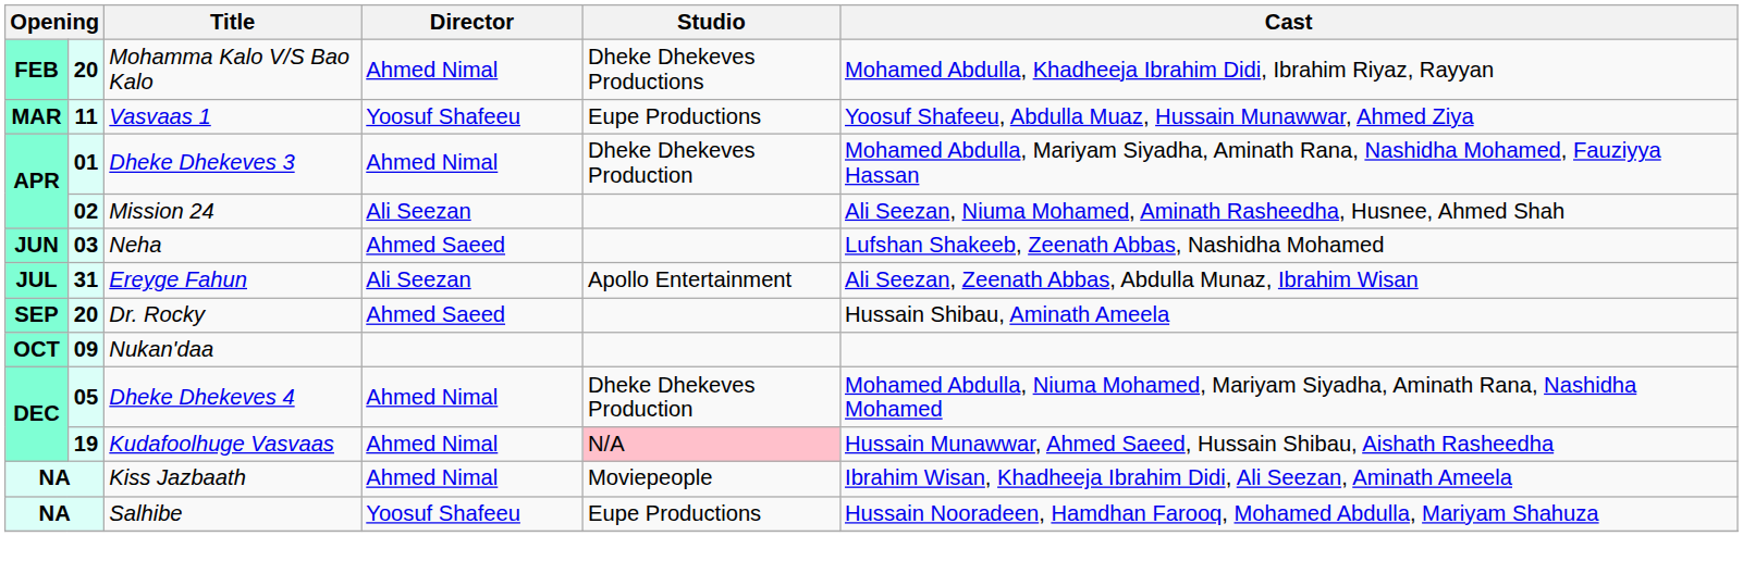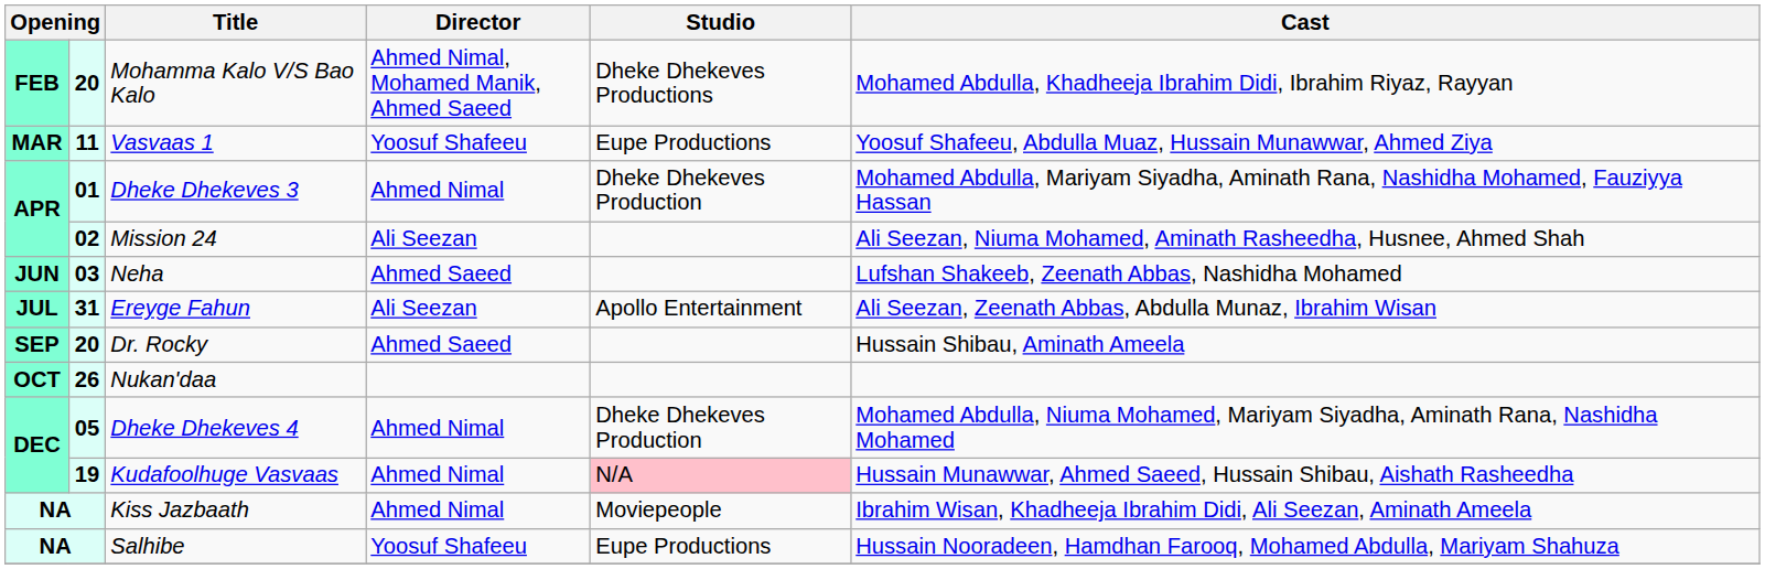 <table class="wikitable plainrowheaders" width="100%">
 <tr>
 <th scope="col" colspan="2" width=4%>Opening</th>
 <th scope="col" width=15%>Title</th>
 <th scope="col" width=13%>Director</th>
 <th scope="col" width=15%>Studio</th>
 <th scope="col" width=55%>Cast</th>
 </tr>
 <tr>
 <td style="text-align:center; background:#7FFFD4; textcolor:#000;"><strong>FEB</strong></td>
 <td style="text-align:center; background:#dbfff8;"><strong>20</strong></td>
 <td><em>Mohamma Kalo V/S Bao Kalo</em></td>
-<td><a href='#'>Ahmed Nimal</a></td>
+<td><a href='#'>Ahmed Nimal</a>, <a href='#'>Mohamed Manik</a>, <a href='#'>Ahmed Saeed</a></td>
 <td>Dheke Dhekeves Productions</td>
 <td><a href='#'>Mohamed Abdulla</a>, <a href='#'>Khadheeja Ibrahim Didi</a>, Ibrahim Riyaz, Rayyan</td>
 </tr>
 <tr>
 <td style="text-align:center; background:#7FFFD4; textcolor:#000;"><strong>MAR</strong></td>
 <td style="text-align:center; background:#dbfff8;"><strong>11</strong></td>
 <td><a href='#'><em>Vasvaas 1</em></a></td>
 <td><a href='#'>Yoosuf Shafeeu</a></td>
 <td>Eupe Productions</td>
 <td><a href='#'>Yoosuf Shafeeu</a>, <a href='#'>Abdulla Muaz</a>, <a href='#'>Hussain Munawwar</a>, <a href='#'>Ahmed Ziya</a></td>
 </tr>
 <tr>
 <td rowspan="2" style="text-align:center; background:#7FFFD4; textcolor:#000;"><strong>APR</strong></td>
 <td style="text-align:center; background:#dbfff8;"><strong>01</strong></td>
 <td><em><a href='#'>Dheke Dhekeves 3</a></em></td>
 <td><a href='#'>Ahmed Nimal</a></td>
 <td>Dheke Dhekeves Production</td>
 <td><a href='#'>Mohamed Abdulla</a>, Mariyam Siyadha, Aminath Rana, <a href='#'>Nashidha Mohamed</a>, <a href='#'>Fauziyya Hassan</a></td>
 </tr>
 <tr>
 <td style="text-align:center; background:#dbfff8;"><strong>02</strong></td>
 <td><em>Mission 24</em></td>
 <td><a href='#'>Ali Seezan</a></td>
 <td></td>
 <td><a href='#'>Ali Seezan</a>, <a href='#'>Niuma Mohamed</a>, <a href='#'>Aminath Rasheedha</a>, Husnee, Ahmed Shah</td>
 </tr>
 <tr>
 <td style="text-align:center; background:#7FFFD4; textcolor:#000;"><strong>JUN</strong></td>
 <td style="text-align:center; background:#dbfff8;"><strong>03</strong></td>
 <td><em>Neha</em></td>
 <td><a href='#'>Ahmed Saeed</a></td>
 <td></td>
 <td><a href='#'>Lufshan Shakeeb</a>, <a href='#'>Zeenath Abbas</a>, Nashidha Mohamed</td>
 </tr>
 <tr>
 <td style="text-align:center; background:#7FFFD4; textcolor:#000;"><strong>JUL</strong></td>
 <td style="text-align:center; background:#dbfff8;"><strong>31</strong></td>
 <td><em><a href='#'>Ereyge Fahun</a></em></td>
 <td><a href='#'>Ali Seezan</a></td>
 <td>Apollo Entertainment</td>
 <td><a href='#'>Ali Seezan</a>, <a href='#'>Zeenath Abbas</a>, Abdulla Munaz, <a href='#'>Ibrahim Wisan</a></td>
 </tr>
 <tr>
 <td style="text-align:center; background:#7FFFD4; textcolor:#000;"><strong>SEP</strong></td>
 <td style="text-align:center; background:#dbfff8;"><strong>20</strong></td>
 <td><em>Dr. Rocky</em></td>
 <td><a href='#'>Ahmed Saeed</a></td>
 <td></td>
 <td>Hussain Shibau, <a href='#'>Aminath Ameela</a></td>
 </tr>
 <tr>
 <td style="text-align:center; background:#7FFFD4; textcolor:#000;"><strong>OCT</strong></td>
-<td style="text-align:center; background:#dbfff8;"><strong>09</strong></td>
+<td style="text-align:center; background:#dbfff8;"><strong>26</strong></td>
 <td><em>Nukan'daa</em></td>
 <td></td>
 <td></td>
 <td></td>
 </tr>
 <tr>
 <td rowspan="2" style="text-align:center; background:#7FFFD4; textcolor:#000;"><strong>DEC</strong></td>
 <td style="text-align:center; background:#dbfff8;"><strong>05</strong></td>
 <td><em><a href='#'>Dheke Dhekeves 4</a></em></td>
 <td><a href='#'>Ahmed Nimal</a></td>
 <td>Dheke Dhekeves Production</td>
 <td><a href='#'>Mohamed Abdulla</a>, <a href='#'>Niuma Mohamed</a>, Mariyam Siyadha, Aminath Rana, <a href='#'>Nashidha Mohamed</a></td>
 </tr>
 <tr>
 <td style="text-align:center; background:#dbfff8;"><strong>19</strong></td>
 <td><em><a href='#'>Kudafoolhuge Vasvaas</a></em></td>
 <td><a href='#'>Ahmed Nimal</a></td>
 <td style="background: pink;">N/A</td>
 <td><a href='#'>Hussain Munawwar</a>, <a href='#'>Ahmed Saeed</a>, Hussain Shibau, <a href='#'>Aishath Rasheedha</a></td>
 </tr>
 <tr>
 <td colspan="2" style="text-align:center; background:#dbfff8;"><strong>NA</strong></td>
 <td><em>Kiss Jazbaath</em></td>
 <td><a href='#'>Ahmed Nimal</a></td>
 <td>Moviepeople</td>
 <td><a href='#'>Ibrahim Wisan</a>, <a href='#'>Khadheeja Ibrahim Didi</a>, <a href='#'>Ali Seezan</a>, <a href='#'>Aminath Ameela</a></td>
 </tr>
 <tr>
 <td colspan="2" style="text-align:center; background:#dbfff8;"><strong>NA</strong></td>
 <td><em>Salhibe</em></td>
 <td><a href='#'>Yoosuf Shafeeu</a></td>
 <td>Eupe Productions</td>
 <td><a href='#'>Hussain Nooradeen</a>, <a href='#'>Hamdhan Farooq</a>, <a href='#'>Mohamed Abdulla</a>, <a href='#'>Mariyam Shahuza</a></td>
 </tr>
 <tr>
 </tr>
 </table>
